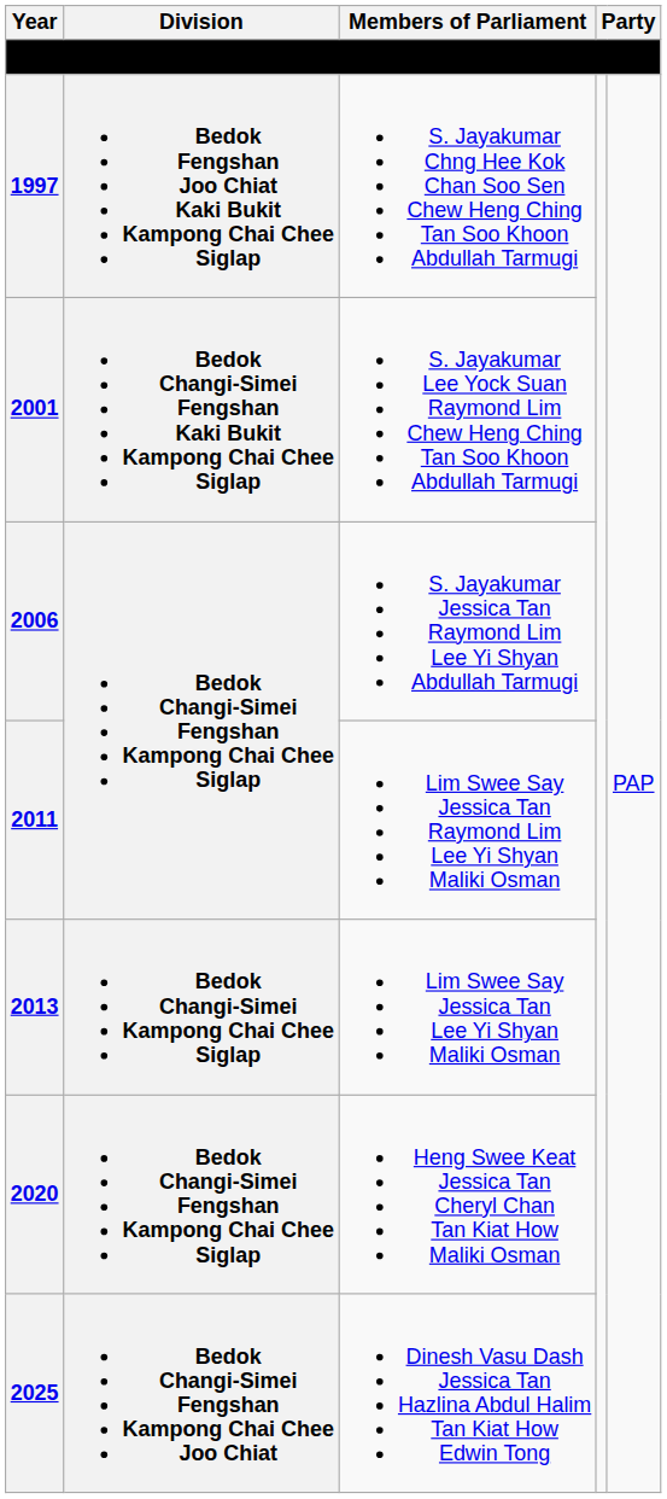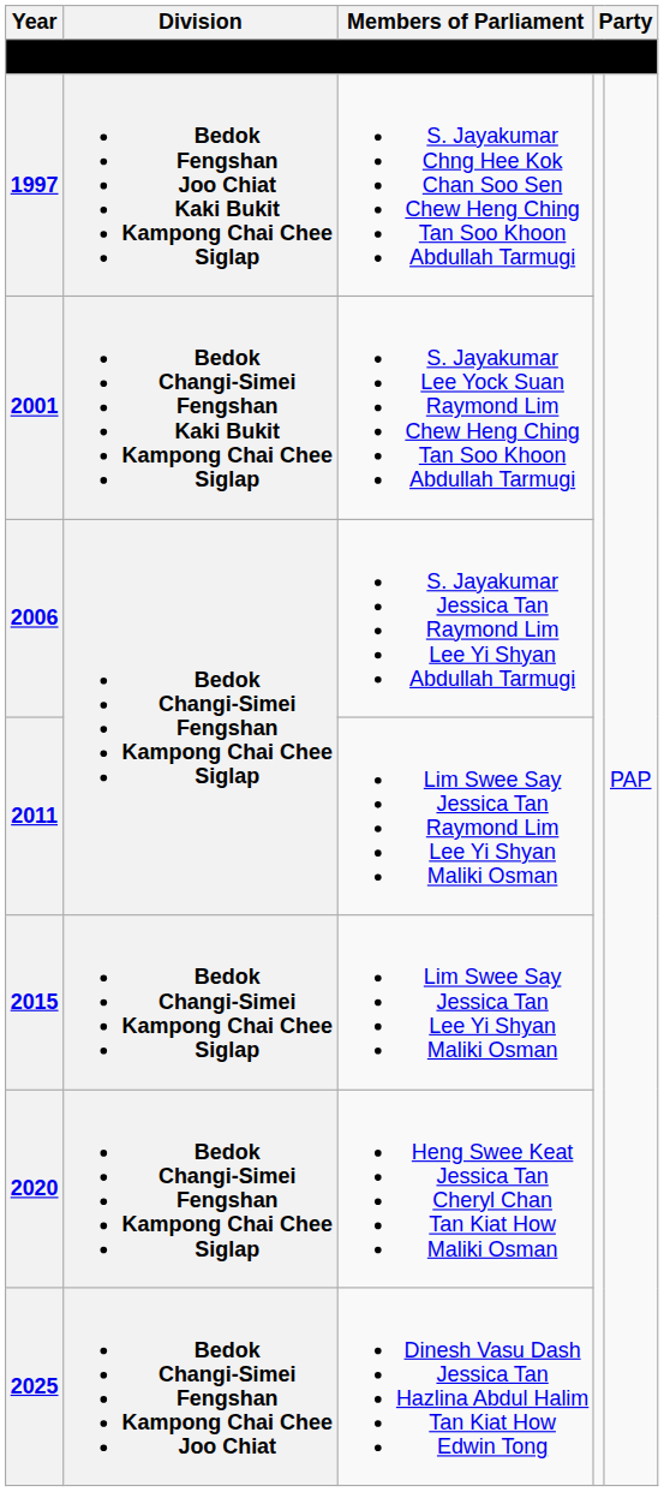 <table class="wikitable" align="center" style="text-align:center">
 <tr>
 <th>Year</th>
 <th>Division</th>
 <th>Members of Parliament</th>
 <th colspan="2">Party</th>
 </tr>
 <tr>
 <td colspan="5" bgcolor="black"><span><strong>Formation</strong></span></td>
 </tr>
 <tr>
 <th><a href='#'>1997</a></th>
 <th><br><ul><li>Bedok</li><li>Fengshan</li><li>Joo Chiat</li><li>Kaki Bukit</li><li>Kampong Chai Chee</li><li>Siglap</li></ul></th>
 <td><br><ul><li><a href='#'>S. Jayakumar</a></li><li><a href='#'>Chng Hee Kok</a></li><li><a href='#'>Chan Soo Sen</a></li><li><a href='#'>Chew Heng Ching</a></li><li><a href='#'>Tan Soo Khoon</a></li><li><a href='#'>Abdullah Tarmugi</a></li></ul></td>
 <td rowspan="7"></td>
 <td rowspan="7"><a href='#'>PAP</a></td>
 </tr>
 <tr>
 <th><a href='#'>2001</a></th>
 <th><br><ul><li>Bedok</li><li>Changi-Simei</li><li>Fengshan</li><li>Kaki Bukit</li><li>Kampong Chai Chee</li><li>Siglap</li></ul></th>
 <td><br><ul><li><a href='#'>S. Jayakumar</a></li><li><a href='#'>Lee Yock Suan</a></li><li><a href='#'>Raymond Lim</a></li><li><a href='#'>Chew Heng Ching</a></li><li><a href='#'>Tan Soo Khoon</a></li><li><a href='#'>Abdullah Tarmugi</a></li></ul></td>
 </tr>
 <tr>
 <th><a href='#'>2006</a></th>
 <th rowspan=2><br><ul><li>Bedok</li><li>Changi-Simei</li><li>Fengshan</li><li>Kampong Chai Chee</li><li>Siglap</li></ul></th>
 <td><br><ul><li><a href='#'>S. Jayakumar</a></li><li><a href='#'>Jessica Tan</a></li><li><a href='#'>Raymond Lim</a></li><li><a href='#'>Lee Yi Shyan</a></li><li><a href='#'>Abdullah Tarmugi</a></li></ul></td>
 </tr>
 <tr>
 <th><a href='#'>2011</a></th>
 <td><br><ul><li><a href='#'>Lim Swee Say</a></li><li><a href='#'>Jessica Tan</a></li><li><a href='#'>Raymond Lim</a></li><li><a href='#'>Lee Yi Shyan</a></li><li><a href='#'>Maliki Osman</a></li></ul></td>
 </tr>
 <tr>
-<th><a href='#'>2013</a></th>
+<th><a href='#'>2015</a></th>
 <th><br><ul><li>Bedok</li><li>Changi-Simei</li><li>Kampong Chai Chee</li><li>Siglap</li></ul></th>
 <td><br><ul><li><a href='#'>Lim Swee Say</a></li><li><a href='#'>Jessica Tan</a></li><li><a href='#'>Lee Yi Shyan</a></li><li><a href='#'>Maliki Osman</a></li></ul></td>
 </tr>
 <tr>
 <th><a href='#'>2020</a></th>
 <th><br><ul><li>Bedok</li><li>Changi-Simei</li><li>Fengshan</li><li>Kampong Chai Chee</li><li>Siglap</li></ul></th>
 <td><br><ul><li><a href='#'>Heng Swee Keat</a></li><li><a href='#'>Jessica Tan</a></li><li><a href='#'>Cheryl Chan</a></li><li><a href='#'>Tan Kiat How</a></li><li><a href='#'>Maliki Osman</a></li></ul></td>
 </tr>
 <tr>
 <th><a href='#'>2025</a></th>
 <th><br><ul><li>Bedok</li><li>Changi-Simei</li><li>Fengshan</li><li>Kampong Chai Chee</li><li>Joo Chiat</li></ul></th>
 <td><br><ul><li><a href='#'>Dinesh Vasu Dash</a></li><li><a href='#'>Jessica Tan</a></li><li><a href='#'>Hazlina Abdul Halim</a></li><li><a href='#'>Tan Kiat How</a></li><li><a href='#'>Edwin Tong</a></li></ul></td>
 </tr>
 </table>
